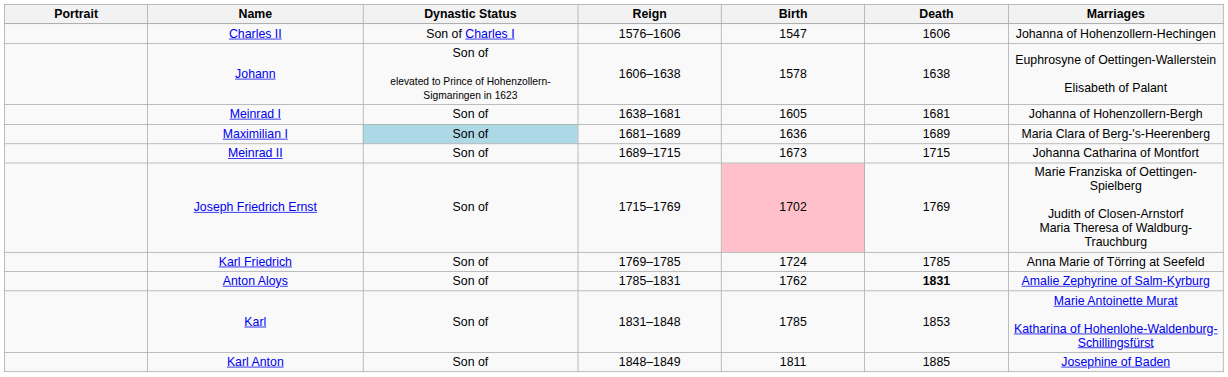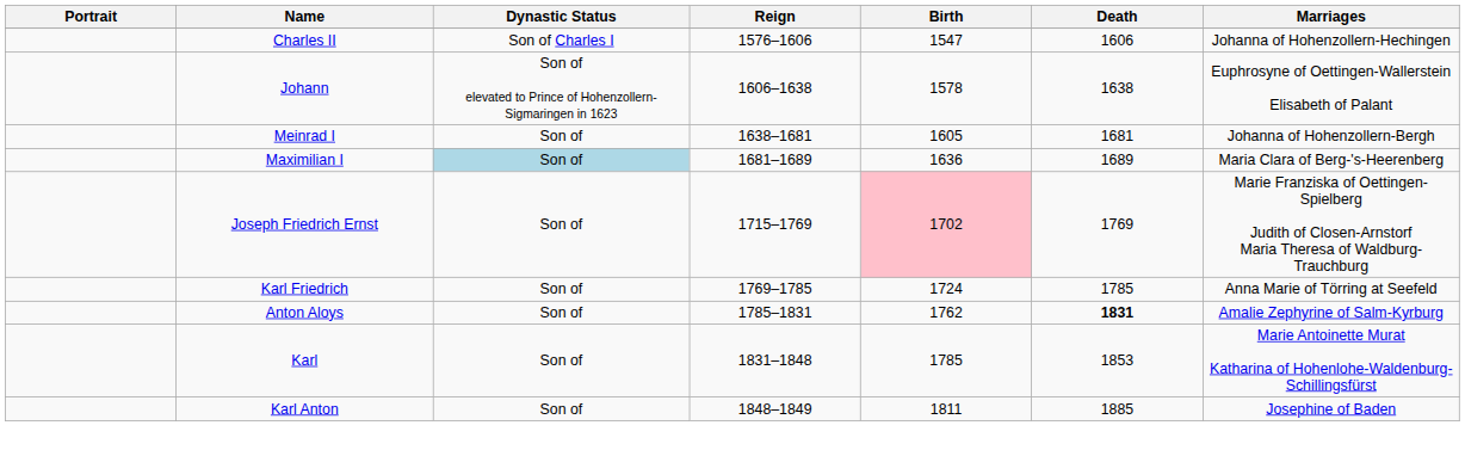 <table width=100% class="wikitable">
 <tr>
 <th width=10%>Portrait</th>
 <th width=15%>Name<br></th>
 <th width=15%>Dynastic Status</th>
 <th width=10%>Reign</th>
 <th width=10%>Birth</th>
 <th width=10%>Death</th>
 <th width=15%>Marriages</th>
 </tr>
 <tr>
 </tr>
 <tr>
 <td align="center"></td>
 <td align="center"><a href='#'>Charles II</a></td>
 <td align="center">Son of <a href='#'>Charles I</a></td>
 <td align="center">1576–1606</td>
 <td align="center">1547</td>
 <td align="center">1606</td>
 <td align="center">Johanna of Hohenzollern-Hechingen</td>
 </tr>
 <tr>
 <td align="center"></td>
 <td align="center"><a href='#'>Johann</a></td>
 <td align="center">Son of<br><br><small>elevated to Prince of Hohenzollern-Sigmaringen in 1623</small></td>
 <td align="center">1606–1638</td>
 <td align="center">1578</td>
 <td align="center">1638</td>
 <td align="center">Euphrosyne of Oettingen-Wallerstein<br><br>Elisabeth of Palant</td>
 </tr>
 <tr>
 <td align="center"></td>
 <td align="center"><a href='#'>Meinrad I</a></td>
 <td align="center">Son of</td>
 <td align="center">1638–1681</td>
 <td align="center">1605</td>
 <td align="center">1681</td>
 <td align="center">Johanna of Hohenzollern-Bergh</td>
 </tr>
 <tr>
 <td align="center"></td>
 <td align="center"><a href='#'>Maximilian I</a></td>
 <td align="center" style="background: lightblue;">Son of</td>
 <td align="center">1681–1689</td>
 <td align="center">1636</td>
 <td align="center">1689</td>
 <td align="center">Maria Clara of Berg-'s-Heerenberg</td>
 </tr>
 <tr>
 <td align="center"></td>
-<td align="center"><a href='#'>Meinrad II</a></td>
-<td align="center">Son of</td>
-<td align="center">1689–1715</td>
-<td align="center">1673</td>
-<td align="center">1715</td>
-<td align="center">Johanna Catharina of Montfort</td>
-</tr>
-<tr>
-<td align="center"></td>
 <td align="center"><a href='#'>Joseph Friedrich Ernst</a></td>
 <td align="center">Son of</td>
 <td align="center">1715–1769</td>
 <td align="center" style="background: pink;">1702</td>
 <td align="center">1769</td>
 <td align="center">Marie Franziska of Oettingen-Spielberg<br><br>Judith of Closen-Arnstorf<br> Maria Theresa of Waldburg-Trauchburg</td>
 </tr>
 <tr>
 <td align="center"></td>
 <td align="center"><a href='#'>Karl Friedrich</a></td>
 <td align="center">Son of</td>
 <td align="center">1769–1785</td>
 <td align="center">1724</td>
 <td align="center">1785</td>
 <td align="center">Anna Marie of Törring at Seefeld</td>
 </tr>
 <tr>
 <td align="center"></td>
 <td align="center"><a href='#'>Anton Aloys</a></td>
 <td align="center">Son of</td>
 <td align="center">1785–1831</td>
 <td align="center">1762</td>
 <td align="center"><strong>1831</strong></td>
 <td align="center"><a href='#'>Amalie Zephyrine of Salm-Kyrburg</a></td>
 </tr>
 <tr>
 <td align="center"></td>
 <td align="center"><a href='#'>Karl</a></td>
 <td align="center">Son of</td>
 <td align="center">1831–1848</td>
 <td align="center">1785</td>
 <td align="center">1853</td>
 <td align="center"><a href='#'>Marie Antoinette Murat</a><br><br><a href='#'>Katharina of Hohenlohe-Waldenburg-Schillingsfürst</a></td>
 </tr>
 <tr>
 <td align="center"></td>
 <td align="center"><a href='#'>Karl Anton</a></td>
 <td align="center">Son of</td>
 <td align="center">1848–1849</td>
 <td align="center">1811</td>
 <td align="center">1885</td>
 <td align="center"><a href='#'>Josephine of Baden</a></td>
 </tr>
 </table>
